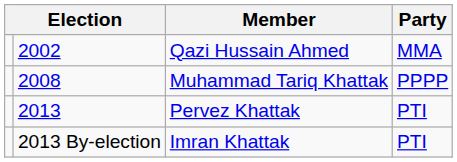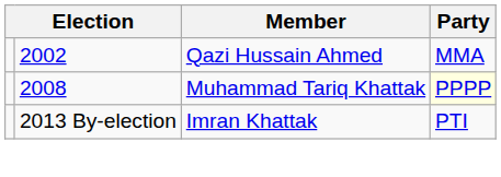 <table class="wikitable">
 <tr>
 <th colspan="2">Election</th>
 <th>Member</th>
 <th>Party</th>
 </tr>
 <tr>
 <td style="background-color: "></td>
 <td><a href='#'>2002</a></td>
 <td><a href='#'>Qazi Hussain Ahmed</a></td>
 <td><a href='#'>MMA</a></td>
 </tr>
 <tr>
 <td style="background-color: "></td>
 <td><a href='#'>2008</a></td>
 <td><a href='#'>Muhammad Tariq Khattak</a></td>
-<td><a href='#'>PPPP</a></td>
-</tr>
-<tr>
-<td style="background-color: "></td>
-<td><a href='#'>2013</a></td>
-<td><a href='#'>Pervez Khattak</a></td>
-<td><a href='#'>PTI</a></td>
+<td style="background: lightyellow;"><a href='#'>PPPP</a></td>
 </tr>
 <tr>
 <td style="background-color: "></td>
 <td>2013 By-election</td>
 <td><a href='#'>Imran Khattak</a></td>
 <td><a href='#'>PTI</a></td>
 </tr>
 </table>
